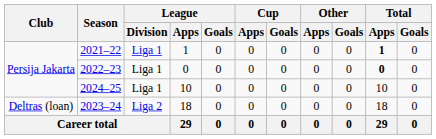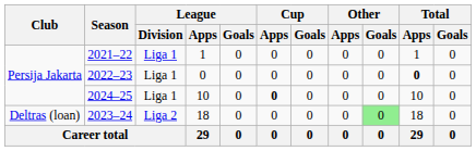 <table class="wikitable" style="text-align: center">
 <tr>
 <th rowspan="2">Club</th>
 <th rowspan="2">Season</th>
 <th colspan="3">League</th>
 <th colspan="2">Cup</th>
 <th colspan="2">Other</th>
 <th colspan="2">Total</th>
 </tr>
 <tr>
 <th>Division</th>
 <th>Apps</th>
 <th>Goals</th>
 <th>Apps</th>
 <th>Goals</th>
 <th>Apps</th>
 <th>Goals</th>
 <th>Apps</th>
 <th>Goals</th>
 </tr>
 <tr>
 <td rowspan="3"><a href='#'>Persija Jakarta</a></td>
 <td><a href='#'>2021–22</a></td>
 <td rowspan="1" valign="center"><a href='#'>Liga 1</a></td>
 <td>1</td>
 <td>0</td>
 <td>0</td>
 <td>0</td>
 <td>0</td>
 <td>0</td>
-<td><strong>1</strong></td>
+<td>1</td>
 <td>0</td>
 </tr>
 <tr>
 <td><a href='#'>2022–23</a></td>
 <td rowspan="1" valign="center">Liga 1</td>
 <td>0</td>
 <td>0</td>
 <td>0</td>
 <td>0</td>
 <td>0</td>
 <td>0</td>
 <td><strong>0</strong></td>
 <td>0</td>
 </tr>
 <tr>
 <td><a href='#'>2024–25</a></td>
 <td>Liga 1</td>
 <td>10</td>
 <td>0</td>
-<td>0</td>
+<td><strong>0</strong></td>
 <td>0</td>
 <td>0</td>
 <td>0</td>
 <td>10</td>
 <td>0</td>
 </tr>
 <tr>
 <td rowspan="1"><a href='#'>Deltras</a> (loan)</td>
 <td><a href='#'>2023–24</a></td>
 <td rowspan="1" valign="center"><a href='#'>Liga 2</a></td>
 <td>18</td>
 <td>0</td>
 <td>0</td>
 <td>0</td>
 <td>0</td>
-<td>0</td>
+<td style="background: lightgreen;">0</td>
 <td>18</td>
 <td>0</td>
 </tr>
 <tr>
 <th colspan=3>Career total</th>
 <th>29</th>
 <th>0</th>
 <th>0</th>
 <th>0</th>
 <th>0</th>
 <th>0</th>
 <th>29</th>
 <th>0</th>
 </tr>
 </table>
